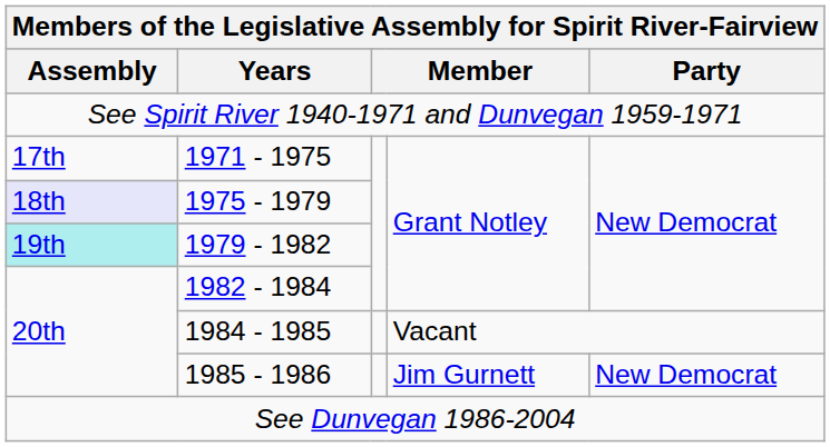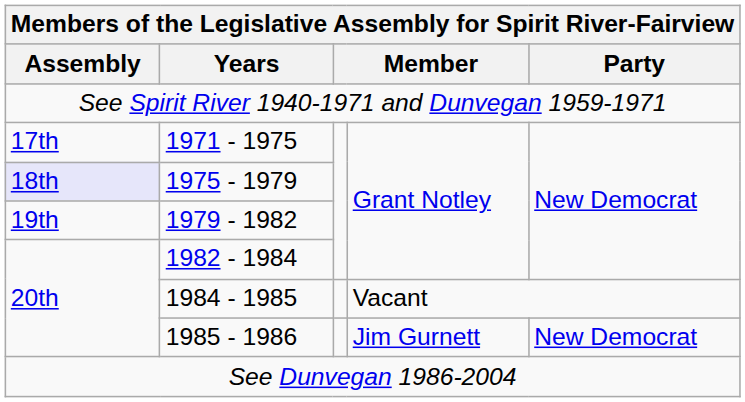 <table class="wikitable" align=right>
 <tr>
 <th colspan=5>Members of the Legislative Assembly for Spirit River-Fairview</th>
 </tr>
 <tr>
 <th>Assembly</th>
 <th>Years</th>
 <th colspan="2">Member</th>
 <th>Party</th>
 </tr>
 <tr>
 <td align="center" colspan=5><em>See <a href='#'>Spirit River</a> 1940-1971 and <a href='#'>Dunvegan</a> 1959-1971</em></td>
 </tr>
 <tr>
 <td><a href='#'>17th</a></td>
 <td><a href='#'>1971</a> - 1975</td>
 <td rowspan=4 ></td>
 <td rowspan=4><a href='#'>Grant Notley</a></td>
 <td rowspan=4><a href='#'>New Democrat</a></td>
 </tr>
 <tr>
 <td style="background: lavender;"><a href='#'>18th</a></td>
 <td><a href='#'>1975</a> - 1979</td>
 </tr>
 <tr>
-<td style="background: paleturquoise;"><a href='#'>19th</a></td>
+<td><a href='#'>19th</a></td>
 <td><a href='#'>1979</a> - 1982</td>
 </tr>
 <tr>
 <td rowspan=3><a href='#'>20th</a></td>
 <td><a href='#'>1982</a> - 1984</td>
 </tr>
 <tr>
 <td>1984 - 1985</td>
 <td></td>
 <td colspan=2>Vacant</td>
 </tr>
 <tr>
 <td>1985 - 1986</td>
 <td></td>
 <td><a href='#'>Jim Gurnett</a></td>
 <td><a href='#'>New Democrat</a></td>
 </tr>
 <tr>
 <td colspan=5 align=center><em>See <a href='#'>Dunvegan</a> 1986-2004</em></td>
 </tr>
 </table>
